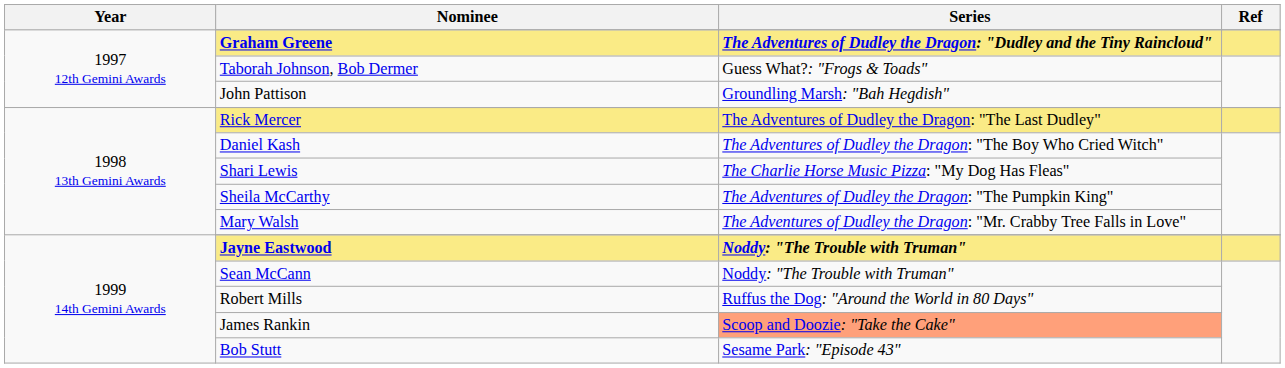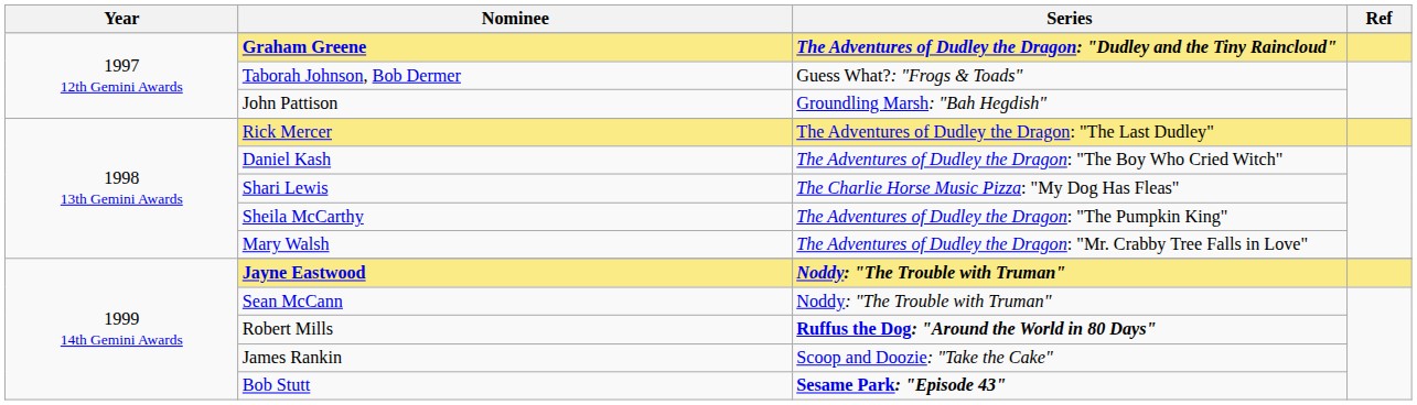 <table class="wikitable" style="width:100%;">
 <tr style="background:#bebebe;">
 <th style="width:8%;">Year</th>
 <th style="width:19%;">Nominee</th>
 <th style="width:19%;">Series</th>
 <th style="width:2%;">Ref</th>
 </tr>
 <tr>
 <td rowspan="4" align="center">1997 <br> <small><a href='#'>12th Gemini Awards</a></small></td>
 </tr>
 <tr style="background:#FAEB86;">
 <td><strong><a href='#'>Graham Greene</a></strong></td>
 <td><strong><em><a href='#'>The Adventures of Dudley the Dragon</a><em>: "Dudley and the Tiny Raincloud"<strong></td>
 <td></td>
 </tr>
 <tr>
 <td><a href='#'>Taborah Johnson</a>, <a href='#'>Bob Dermer</a></td>
 <td></em>Guess What?<em>: "Frogs & Toads"</td>
 <td rowspan=2></td>
 </tr>
 <tr>
 <td>John Pattison</td>
 <td></em><a href='#'>Groundling Marsh</a><em>: "Bah Hegdish"</td>
 </tr>
 <tr>
 <td rowspan="6" align="center">1998 <br> <small><a href='#'>13th Gemini Awards</a></small></td>
 </tr>
 <tr style="background:#FAEB86;">
 <td></strong><a href='#'>Rick Mercer</a><strong></td>
 <td></em></strong><a href='#'>The Adventures of Dudley the Dragon</a></em>: "The Last Dudley"</strong></td>
 <td></td>
 </tr>
 <tr>
 <td><a href='#'>Daniel Kash</a></td>
 <td><em><a href='#'>The Adventures of Dudley the Dragon</a></em>: "The Boy Who Cried Witch"</td>
 <td rowspan=4></td>
 </tr>
 <tr>
 <td><a href='#'>Shari Lewis</a></td>
 <td><em><a href='#'>The Charlie Horse Music Pizza</a></em>: "My Dog Has Fleas"</td>
 </tr>
 <tr>
 <td><a href='#'>Sheila McCarthy</a></td>
 <td><em><a href='#'>The Adventures of Dudley the Dragon</a></em>: "The Pumpkin King"</td>
 </tr>
 <tr>
 <td><a href='#'>Mary Walsh</a></td>
 <td><em><a href='#'>The Adventures of Dudley the Dragon</a></em>: "Mr. Crabby Tree Falls in Love"</td>
 </tr>
 <tr>
 <td rowspan="6" align="center">1999 <br> <small><a href='#'>14th Gemini Awards</a></small></td>
 </tr>
 <tr style="background:#FAEB86;">
 <td><strong><a href='#'>Jayne Eastwood</a></strong></td>
 <td><strong><em><a href='#'>Noddy</a><em>: "The Trouble with Truman"<strong></td>
 <td></td>
 </tr>
 <tr>
 <td><a href='#'>Sean McCann</a></td>
 <td></em><a href='#'>Noddy</a><em>: "The Trouble with Truman"</td>
 <td rowspan=4></td>
 </tr>
 <tr>
 <td>Robert Mills</td>
-<td></em><a href='#'>Ruffus the Dog</a><em>: "Around the World in 80 Days"</td>
+<td><strong></em><a href='#'>Ruffus the Dog</a><em>: "Around the World in 80 Days"</strong></td>
 </tr>
 <tr>
 <td>James Rankin</td>
-<td style="background: lightsalmon;"></em><a href='#'>Scoop and Doozie</a><em>: "Take the Cake"</td>
+<td></em><a href='#'>Scoop and Doozie</a><em>: "Take the Cake"</td>
 </tr>
 <tr>
 <td><a href='#'>Bob Stutt</a></td>
-<td></em><a href='#'>Sesame Park</a><em>: "Episode 43"</td>
+<td><strong></em><a href='#'>Sesame Park</a><em>: "Episode 43"</strong></td>
 </tr>
 </table>
